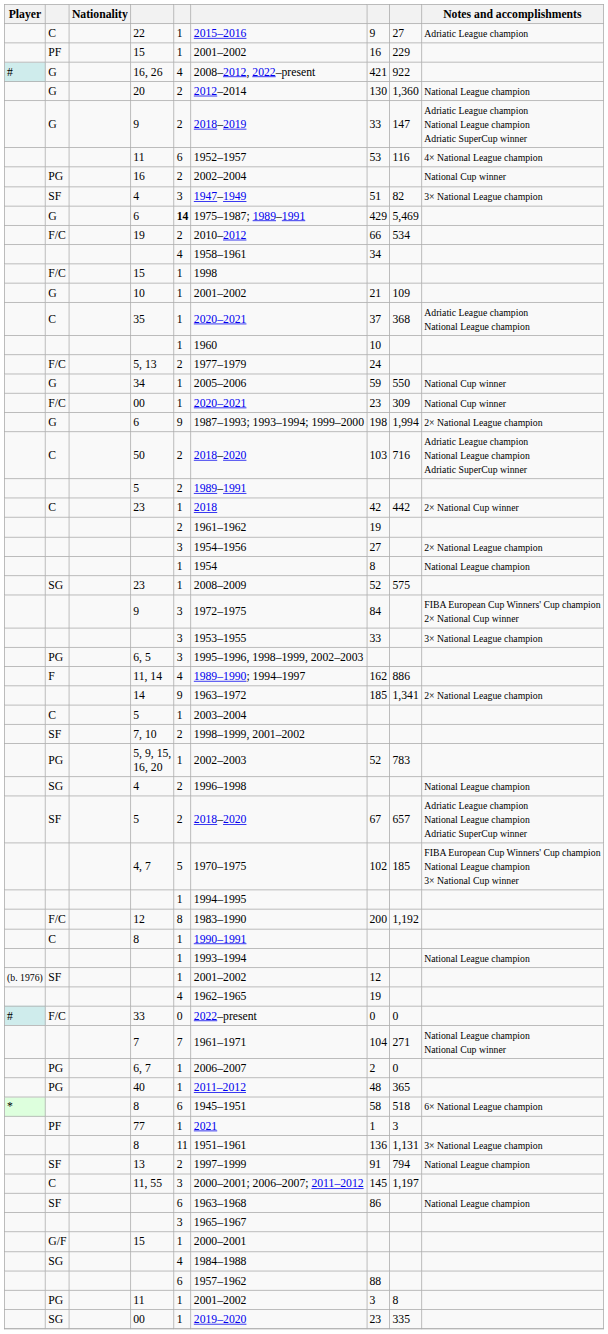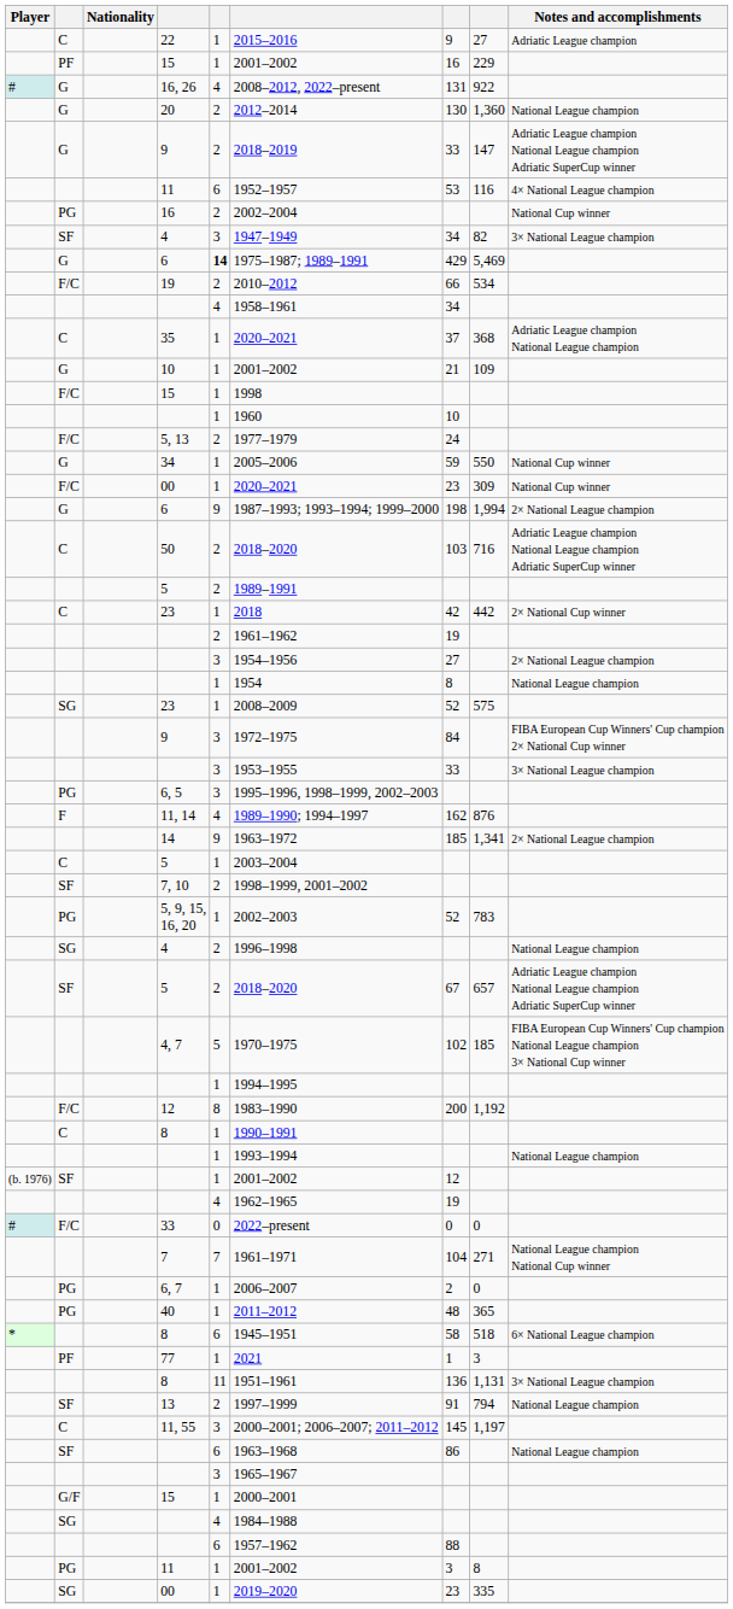 <table class="wikitable sortable" style="font-size:95%" style="text-align:center">
 <tr>
 <th scope="col">Player</th>
 <th scope="col"></th>
 <th scope="col">Nationality</th>
 <th scope="col"></th>
 <th scope="col"></th>
 <th scope="col"></th>
 <th scope="col"></th>
 <th scope="col"></th>
 <th scope="col" class="unsortable">Notes and accomplishments</th>
 </tr>
 <tr>
 <td align="left"></td>
 <td>C</td>
 <td align="left"></td>
 <td>22</td>
 <td>1</td>
 <td><a href='#'>2015–2016</a></td>
 <td>9</td>
 <td>27</td>
 <td align="left"><small>Adriatic League champion</small></td>
 </tr>
 <tr>
 <td align="left"></td>
 <td>PF</td>
 <td align="left"></td>
 <td>15</td>
 <td>1</td>
 <td>2001–2002</td>
 <td>16</td>
 <td>229</td>
 <td></td>
 </tr>
 <tr>
 <td align="left" style="background-color:#cfecec"> #</td>
 <td>G</td>
 <td align="left"></td>
 <td>16, 26</td>
 <td>4</td>
 <td>2008–<a href='#'>2012</a>, <a href='#'>2022</a>–present</td>
-<td>421</td>
+<td>131</td>
 <td>922</td>
 <td></td>
 </tr>
 <tr>
 <td align="left"></td>
 <td>G</td>
 <td align="left"></td>
 <td>20</td>
 <td>2</td>
 <td><a href='#'>2012</a>–2014</td>
 <td>130</td>
 <td>1,360</td>
 <td align="left"><small>National League champion</small></td>
 </tr>
 <tr>
 <td align="left"></td>
 <td>G</td>
 <td align="left"></td>
 <td>9</td>
 <td>2</td>
 <td><a href='#'>2018</a>–<a href='#'>2019</a></td>
 <td>33</td>
 <td>147</td>
 <td align="left"><small>Adriatic League champion<br>National League champion<br>Adriatic SuperCup winner</small></td>
 </tr>
 <tr>
 <td align="left"></td>
 <td></td>
 <td align="left"></td>
 <td>11</td>
 <td>6</td>
 <td>1952–1957</td>
 <td>53</td>
 <td>116</td>
 <td align="left"><small>4× National League champion</small></td>
 </tr>
 <tr>
 <td align="left"></td>
 <td>PG</td>
 <td align="left"></td>
 <td>16</td>
 <td>2</td>
 <td>2002–2004</td>
 <td></td>
 <td></td>
 <td align="left"><small>National Cup winner</small></td>
 </tr>
 <tr>
 <td align="left"></td>
 <td>SF</td>
 <td align="left"></td>
 <td>4</td>
 <td>3</td>
 <td><a href='#'>1947</a>–<a href='#'>1949</a></td>
-<td>51</td>
+<td>34</td>
 <td>82</td>
 <td align="left"><small>3× National League champion</small></td>
 </tr>
 <tr>
 <td align="left"></td>
 <td>G</td>
 <td align="left"></td>
 <td>6</td>
 <td><strong>14</strong></td>
 <td>1975–1987; <a href='#'>1989</a>–<a href='#'>1991</a></td>
 <td>429</td>
 <td>5,469</td>
 <td></td>
 </tr>
 <tr>
 <td align="left"></td>
 <td>F/C</td>
 <td align="left"></td>
 <td>19</td>
 <td>2</td>
 <td>2010–<a href='#'>2012</a></td>
 <td>66</td>
 <td>534</td>
 <td></td>
 </tr>
 <tr>
 <td align="left"></td>
 <td></td>
 <td align="left"></td>
 <td></td>
 <td>4</td>
 <td>1958–1961</td>
 <td>34</td>
 <td></td>
 <td></td>
 </tr>
 <tr>
 <td align="left"></td>
-<td>F/C</td>
+<td>C</td>
 <td align="left"></td>
-<td>15</td>
+<td>35</td>
 <td>1</td>
-<td>1998</td>
-<td></td>
-<td></td>
-<td></td>
+<td><a href='#'>2020–2021</a></td>
+<td>37</td>
+<td>368</td>
+<td align="left"><small>Adriatic League champion<br>National League champion</small></td>
 </tr>
 <tr>
 <td align="left"></td>
 <td>G</td>
 <td align="left"></td>
 <td>10</td>
 <td>1</td>
 <td>2001–2002</td>
 <td>21</td>
 <td>109</td>
 <td></td>
 </tr>
 <tr>
 <td align="left"></td>
-<td>C</td>
+<td>F/C</td>
 <td align="left"></td>
-<td>35</td>
+<td>15</td>
 <td>1</td>
-<td><a href='#'>2020–2021</a></td>
-<td>37</td>
-<td>368</td>
-<td align="left"><small>Adriatic League champion<br>National League champion</small></td>
+<td>1998</td>
+<td></td>
+<td></td>
+<td></td>
 </tr>
 <tr>
 <td align="left"></td>
 <td></td>
 <td align="left"></td>
 <td></td>
 <td>1</td>
 <td>1960</td>
 <td>10</td>
 <td></td>
 <td></td>
 </tr>
 <tr>
 <td align="left"></td>
 <td>F/C</td>
 <td align="left"></td>
 <td>5, 13</td>
 <td>2</td>
 <td>1977–1979</td>
 <td>24</td>
 <td></td>
 <td></td>
 </tr>
 <tr>
 <td align="left"></td>
 <td>G</td>
 <td align="left"></td>
 <td>34</td>
 <td>1</td>
 <td>2005–2006</td>
 <td>59</td>
 <td>550</td>
 <td align="left"><small>National Cup winner</small></td>
 </tr>
 <tr>
 <td align="left"></td>
 <td>F/C</td>
 <td align="left"></td>
 <td>00</td>
 <td>1</td>
 <td><a href='#'>2020–2021</a></td>
 <td>23</td>
 <td>309</td>
 <td align="left"><small>National Cup winner</small></td>
 </tr>
 <tr>
 <td align="left"></td>
 <td>G</td>
 <td align="left"></td>
 <td>6</td>
 <td>9</td>
 <td>1987–1993; 1993–1994; 1999–2000</td>
 <td>198</td>
 <td>1,994</td>
 <td align="left"><small>2× National League champion</small></td>
 </tr>
 <tr>
 <td align="left"></td>
 <td>C</td>
 <td align="left"></td>
 <td>50</td>
 <td>2</td>
 <td><a href='#'>2018</a>–<a href='#'>2020</a></td>
 <td>103</td>
 <td>716</td>
 <td align="left"><small>Adriatic League champion<br>National League champion<br>Adriatic SuperCup winner</small></td>
 </tr>
 <tr>
 <td align="left"></td>
 <td></td>
 <td align="left"></td>
 <td>5</td>
 <td>2</td>
 <td><a href='#'>1989</a>–<a href='#'>1991</a></td>
 <td></td>
 <td></td>
 <td></td>
 </tr>
 <tr>
 <td align="left"></td>
 <td>C</td>
 <td align="left"></td>
 <td>23</td>
 <td>1</td>
 <td><a href='#'>2018</a></td>
 <td>42</td>
 <td>442</td>
 <td align="left"><small>2× National Cup winner</small></td>
 </tr>
 <tr>
 <td align="left"></td>
 <td></td>
 <td align="left"></td>
 <td></td>
 <td>2</td>
 <td>1961–1962</td>
 <td>19</td>
 <td></td>
 <td></td>
 </tr>
 <tr>
 <td align="left"></td>
 <td></td>
 <td align="left"></td>
 <td></td>
 <td>3</td>
 <td>1954–1956</td>
 <td>27</td>
 <td></td>
 <td align="left"><small>2× National League champion</small></td>
 </tr>
 <tr>
 <td align="left"></td>
 <td></td>
 <td align="left"></td>
 <td></td>
 <td>1</td>
 <td>1954</td>
 <td>8</td>
 <td></td>
 <td align="left"><small>National League champion</small></td>
 </tr>
 <tr>
 <td align="left"></td>
 <td>SG</td>
 <td align="left"></td>
 <td>23</td>
 <td>1</td>
 <td>2008–2009</td>
 <td>52</td>
 <td>575</td>
 <td></td>
 </tr>
 <tr>
 <td align="left"></td>
 <td></td>
 <td align="left"></td>
 <td>9</td>
 <td>3</td>
 <td>1972–1975</td>
 <td>84</td>
 <td></td>
 <td align="left"><small>FIBA European Cup Winners' Cup champion<br>2× National Cup winner</small></td>
 </tr>
 <tr>
 <td align="left"></td>
 <td></td>
 <td align="left"></td>
 <td></td>
 <td>3</td>
 <td>1953–1955</td>
 <td>33</td>
 <td></td>
 <td align="left"><small>3× National League champion</small></td>
 </tr>
 <tr>
 <td align="left"></td>
 <td>PG</td>
 <td align="left"></td>
 <td>6, 5</td>
 <td>3</td>
 <td>1995–1996, 1998–1999, 2002–2003</td>
 <td></td>
 <td></td>
 <td></td>
 </tr>
 <tr>
 <td align="left"></td>
 <td>F</td>
 <td align="left"></td>
 <td>11, 14</td>
 <td>4</td>
 <td><a href='#'>1989–1990</a>; 1994–1997</td>
 <td>162</td>
-<td>886</td>
+<td>876</td>
 <td></td>
 </tr>
 <tr>
 <td align="left"></td>
 <td></td>
 <td align="left"></td>
 <td>14</td>
 <td>9</td>
 <td>1963–1972</td>
 <td>185</td>
 <td>1,341</td>
 <td align="left"><small>2× National League champion</small></td>
 </tr>
 <tr>
 <td align="left"></td>
 <td>C</td>
 <td align="left"></td>
 <td>5</td>
 <td>1</td>
 <td>2003–2004</td>
 <td></td>
 <td></td>
 <td></td>
 </tr>
 <tr>
 <td align="left"></td>
 <td>SF</td>
 <td align="left"></td>
 <td>7, 10</td>
 <td>2</td>
 <td>1998–1999, 2001–2002</td>
 <td></td>
 <td></td>
 <td></td>
 </tr>
 <tr>
 <td align="left"></td>
 <td>PG</td>
 <td align="left"></td>
 <td>5, 9, 15,<br>16, 20</td>
 <td>1</td>
 <td>2002–2003</td>
 <td>52</td>
 <td>783</td>
 <td></td>
 </tr>
 <tr>
 <td align="left"></td>
 <td>SG</td>
 <td align="left"></td>
 <td>4</td>
 <td>2</td>
 <td>1996–1998</td>
 <td></td>
 <td></td>
 <td align="left"><small>National League champion</small></td>
 </tr>
 <tr>
 <td align="left"></td>
 <td>SF</td>
 <td align="left"></td>
 <td>5</td>
 <td>2</td>
 <td><a href='#'>2018</a>–<a href='#'>2020</a></td>
 <td>67</td>
 <td>657</td>
 <td align="left"><small>Adriatic League champion<br>National League champion<br>Adriatic SuperCup winner</small></td>
 </tr>
 <tr>
 <td align="left"></td>
 <td></td>
 <td align="left"></td>
 <td>4, 7</td>
 <td>5</td>
 <td>1970–1975</td>
 <td>102</td>
 <td>185</td>
 <td align="left"><small>FIBA European Cup Winners' Cup champion<br>National League champion<br>3× National Cup winner</small></td>
 </tr>
 <tr>
 <td align="left"></td>
 <td></td>
 <td align="left"></td>
 <td></td>
 <td>1</td>
 <td>1994–1995</td>
 <td></td>
 <td></td>
 <td></td>
 </tr>
 <tr>
 <td align="left"></td>
 <td>F/C</td>
 <td align="left"></td>
 <td>12</td>
 <td>8</td>
 <td>1983–1990</td>
 <td>200</td>
 <td>1,192</td>
 <td></td>
 </tr>
 <tr>
 <td align="left"></td>
 <td>C</td>
 <td align="left"></td>
 <td>8</td>
 <td>1</td>
 <td><a href='#'>1990–1991</a></td>
 <td></td>
 <td></td>
 <td></td>
 </tr>
 <tr>
 <td align="left"></td>
 <td></td>
 <td align="left"></td>
 <td></td>
 <td>1</td>
 <td>1993–1994</td>
 <td></td>
 <td></td>
 <td align="left"><small>National League champion</small></td>
 </tr>
 <tr>
 <td align="left"> <small>(b. 1976)</small></td>
 <td>SF</td>
 <td align="left"></td>
 <td></td>
 <td>1</td>
 <td>2001–2002</td>
 <td>12</td>
 <td></td>
 <td></td>
 </tr>
 <tr>
 <td align="left"></td>
 <td></td>
 <td align="left"></td>
 <td></td>
 <td>4</td>
 <td>1962–1965</td>
 <td>19</td>
 <td></td>
 <td></td>
 </tr>
 <tr>
 <td align="left" style="background-color:#cfecec"> #</td>
 <td>F/C</td>
 <td align="left"></td>
 <td>33</td>
 <td>0</td>
 <td><a href='#'>2022</a>–present</td>
 <td>0</td>
 <td>0</td>
 <td></td>
 </tr>
 <tr>
 <td align="left"></td>
 <td></td>
 <td align="left"></td>
 <td>7</td>
 <td>7</td>
 <td>1961–1971</td>
 <td>104</td>
 <td>271</td>
 <td align="left"><small>National League champion<br>National Cup winner</small></td>
 </tr>
 <tr>
 <td align="left"></td>
 <td>PG</td>
 <td align="left"></td>
 <td>6, 7</td>
 <td>1</td>
 <td>2006–2007</td>
 <td>2</td>
 <td>0</td>
 <td></td>
 </tr>
 <tr>
 <td align="left"></td>
 <td>PG</td>
 <td align="left"></td>
 <td>40</td>
 <td>1</td>
 <td><a href='#'>2011–2012</a></td>
 <td>48</td>
 <td>365</td>
 <td></td>
 </tr>
 <tr>
 <td align="left" style="background-color:#ddffdd;"> *</td>
 <td></td>
 <td align="left"></td>
 <td>8</td>
 <td>6</td>
 <td>1945–1951</td>
 <td>58</td>
 <td>518</td>
 <td align="left"><small>6× National League champion</small></td>
 </tr>
 <tr>
 <td align="left"></td>
 <td>PF</td>
 <td align="left"></td>
 <td>77</td>
 <td>1</td>
 <td><a href='#'>2021</a></td>
 <td>1</td>
 <td>3</td>
 <td></td>
 </tr>
 <tr>
 <td align="left"></td>
 <td></td>
 <td align="left"></td>
 <td>8</td>
 <td>11</td>
 <td>1951–1961</td>
 <td>136</td>
 <td>1,131</td>
 <td align="left"><small>3× National League champion</small></td>
 </tr>
 <tr>
 <td align="left"></td>
 <td>SF</td>
 <td align="left"></td>
 <td>13</td>
 <td>2</td>
 <td>1997–1999</td>
 <td>91</td>
 <td>794</td>
 <td align="left"><small>National League champion</small></td>
 </tr>
 <tr>
 <td align="left"></td>
 <td>C</td>
 <td align="left"></td>
 <td>11, 55</td>
 <td>3</td>
 <td>2000–2001; 2006–2007; <a href='#'>2011–2012</a></td>
 <td>145</td>
 <td>1,197</td>
 <td></td>
 </tr>
 <tr>
 <td align="left"></td>
 <td>SF</td>
 <td align="left"></td>
 <td></td>
 <td>6</td>
 <td>1963–1968</td>
 <td>86</td>
 <td></td>
 <td align="left"><small>National League champion</small></td>
 </tr>
 <tr>
 <td align="left"></td>
 <td></td>
 <td align="left"></td>
 <td></td>
 <td>3</td>
 <td>1965–1967</td>
 <td></td>
 <td></td>
 <td></td>
 </tr>
 <tr>
 <td align="left"></td>
 <td>G/F</td>
 <td align="left"></td>
 <td>15</td>
 <td>1</td>
 <td>2000–2001</td>
 <td></td>
 <td></td>
 <td></td>
 </tr>
 <tr>
 <td align="left"></td>
 <td>SG</td>
 <td align="left"></td>
 <td></td>
 <td>4</td>
 <td>1984–1988</td>
 <td></td>
 <td></td>
 <td></td>
 </tr>
 <tr>
 <td align="left"></td>
 <td></td>
 <td align="left"></td>
 <td></td>
 <td>6</td>
 <td>1957–1962</td>
 <td>88</td>
 <td></td>
 <td></td>
 </tr>
 <tr>
 <td align="left"></td>
 <td>PG</td>
 <td align="left"></td>
 <td>11</td>
 <td>1</td>
 <td>2001–2002</td>
 <td>3</td>
 <td>8</td>
 <td></td>
 </tr>
 <tr>
 <td align="left"></td>
 <td>SG</td>
 <td align="left"></td>
 <td>00</td>
 <td>1</td>
 <td><a href='#'>2019–2020</a></td>
 <td>23</td>
 <td>335</td>
 <td></td>
 </tr>
 <tr>
 </tr>
 </table>
